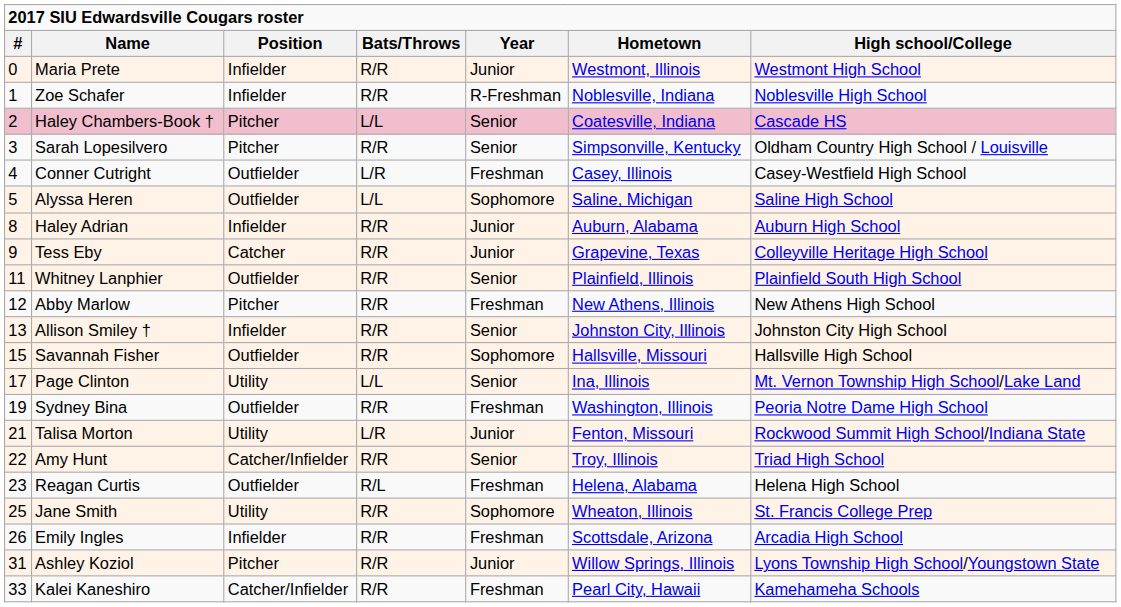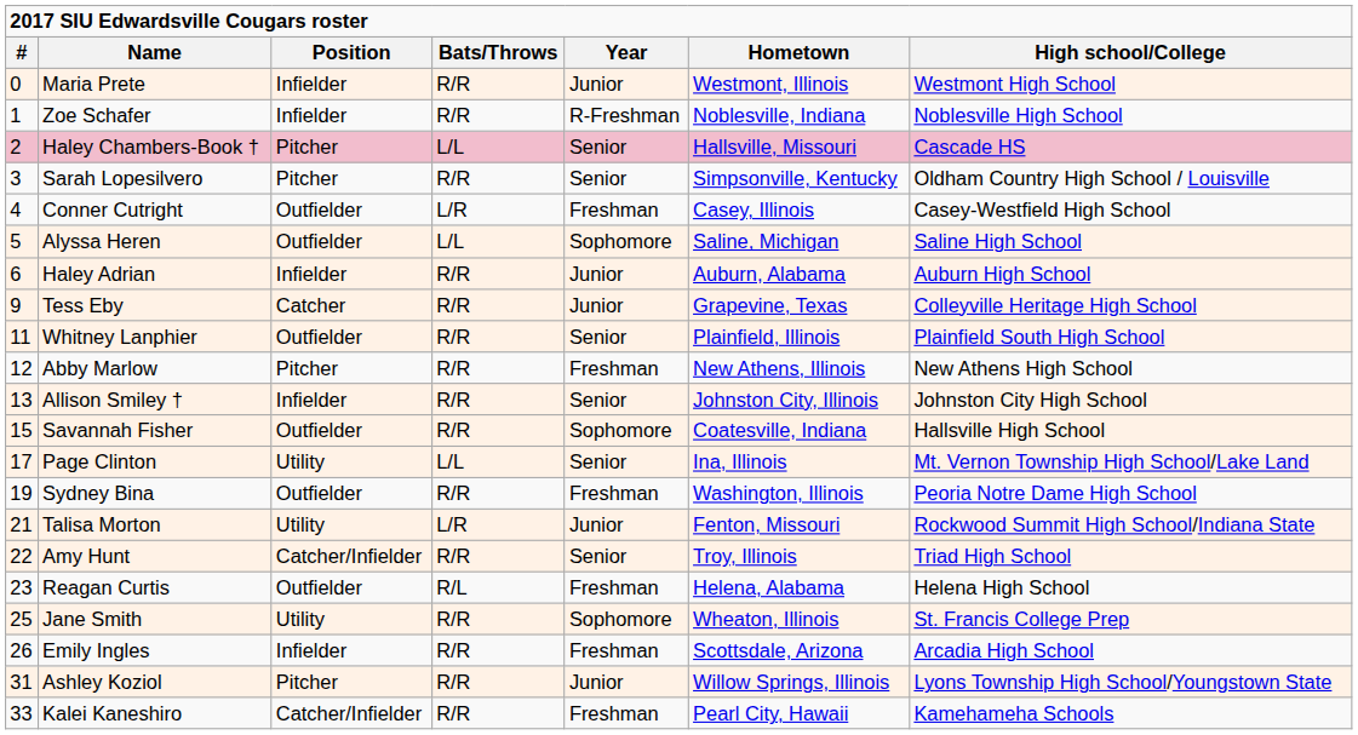 <table class="wikitable sortable" style="font-size: 95%;width:65%">
 <tr>
 <td colspan="7"><strong>2017 SIU Edwardsville Cougars roster</strong></td>
 </tr>
 <tr>
 <th>#</th>
 <th>Name</th>
 <th>Position</th>
 <th>Bats/Throws</th>
 <th>Year</th>
 <th>Hometown</th>
 <th>High school/College</th>
 </tr>
 <tr bgcolor=#FFF2E6>
 <td>0</td>
 <td>Maria Prete</td>
 <td>Infielder</td>
 <td>R/R</td>
 <td>Junior</td>
 <td><a href='#'>Westmont, Illinois</a></td>
 <td><a href='#'>Westmont High School</a></td>
 </tr>
 <tr>
 <td>1</td>
 <td>Zoe Schafer</td>
 <td>Infielder</td>
 <td>R/R</td>
 <td>R-Freshman</td>
 <td><a href='#'>Noblesville, Indiana</a></td>
 <td><a href='#'>Noblesville High School</a></td>
 </tr>
 <tr bgcolor=#F2BDCD>
 <td>2</td>
 <td>Haley Chambers-Book †</td>
 <td>Pitcher</td>
 <td>L/L</td>
 <td>Senior</td>
-<td><a href='#'>Coatesville, Indiana</a></td>
+<td><a href='#'>Hallsville, Missouri</a></td>
 <td><a href='#'>Cascade HS</a></td>
 </tr>
 <tr>
 <td>3</td>
 <td>Sarah Lopesilvero</td>
 <td>Pitcher</td>
 <td>R/R</td>
 <td>Senior</td>
 <td><a href='#'>Simpsonville, Kentucky</a></td>
 <td>Oldham Country High School / <a href='#'>Louisville</a></td>
 </tr>
 <tr>
 <td>4</td>
 <td>Conner Cutright</td>
 <td>Outfielder</td>
 <td>L/R</td>
 <td>Freshman</td>
 <td><a href='#'>Casey, Illinois</a></td>
 <td>Casey-Westfield High School</td>
 </tr>
 <tr bgcolor=#FFF2E6>
 <td>5</td>
 <td>Alyssa Heren</td>
 <td>Outfielder</td>
 <td>L/L</td>
 <td>Sophomore</td>
 <td><a href='#'>Saline, Michigan</a></td>
 <td><a href='#'>Saline High School</a></td>
 </tr>
 <tr bgcolor=#FFF2E6>
-<td>8</td>
+<td>6</td>
 <td>Haley Adrian</td>
 <td>Infielder</td>
 <td>R/R</td>
 <td>Junior</td>
 <td><a href='#'>Auburn, Alabama</a></td>
 <td><a href='#'>Auburn High School</a></td>
 </tr>
 <tr bgcolor=#FFF2E6>
 <td>9</td>
 <td>Tess Eby</td>
 <td>Catcher</td>
 <td>R/R</td>
 <td>Junior</td>
 <td><a href='#'>Grapevine, Texas</a></td>
 <td><a href='#'>Colleyville Heritage High School</a></td>
 </tr>
 <tr bgcolor=#FFF2E6>
 <td>11</td>
 <td>Whitney Lanphier</td>
 <td>Outfielder</td>
 <td>R/R</td>
 <td>Senior</td>
 <td><a href='#'>Plainfield, Illinois</a></td>
 <td><a href='#'>Plainfield South High School</a></td>
 </tr>
 <tr>
 <td>12</td>
 <td>Abby Marlow</td>
 <td>Pitcher</td>
 <td>R/R</td>
 <td>Freshman</td>
 <td><a href='#'>New Athens, Illinois</a></td>
 <td>New Athens High School</td>
 </tr>
 <tr bgcolor=#FFF2E6>
 <td>13</td>
 <td>Allison Smiley	†</td>
 <td>Infielder</td>
 <td>R/R</td>
 <td>Senior</td>
 <td><a href='#'>Johnston City, Illinois</a></td>
 <td>Johnston City High School</td>
 </tr>
 <tr bgcolor=#FFF2E6>
 <td>15</td>
 <td>Savannah Fisher</td>
 <td>Outfielder</td>
 <td>R/R</td>
 <td>Sophomore</td>
-<td><a href='#'>Hallsville, Missouri</a></td>
+<td><a href='#'>Coatesville, Indiana</a></td>
 <td>Hallsville High School</td>
 </tr>
 <tr bgcolor=#FFF2E6>
 <td>17</td>
 <td>Page Clinton</td>
 <td>Utility</td>
 <td>L/L</td>
 <td>Senior</td>
 <td><a href='#'>Ina, Illinois</a></td>
 <td><a href='#'>Mt. Vernon Township High School</a>/<a href='#'>Lake Land</a></td>
 </tr>
 <tr>
 <td>19</td>
 <td>Sydney Bina</td>
 <td>Outfielder</td>
 <td>R/R</td>
 <td>Freshman</td>
 <td><a href='#'>Washington, Illinois</a></td>
 <td><a href='#'>Peoria Notre Dame High School</a></td>
 </tr>
 <tr bgcolor=#FFF2E6>
 <td>21</td>
 <td>Talisa Morton</td>
 <td>Utility</td>
 <td>L/R</td>
 <td>Junior</td>
 <td><a href='#'>Fenton, Missouri</a></td>
 <td><a href='#'>Rockwood Summit High School</a>/<a href='#'>Indiana State</a></td>
 </tr>
 <tr bgcolor=#FFF2E6>
 <td>22</td>
 <td>Amy Hunt</td>
 <td>Catcher/Infielder</td>
 <td>R/R</td>
 <td>Senior</td>
 <td><a href='#'>Troy, Illinois</a></td>
 <td><a href='#'>Triad High School</a></td>
 </tr>
 <tr>
 <td>23</td>
 <td>Reagan Curtis</td>
 <td>Outfielder</td>
 <td>R/L</td>
 <td>Freshman</td>
 <td><a href='#'>Helena, Alabama</a></td>
 <td>Helena High School</td>
 </tr>
 <tr bgcolor=#FFF2E6>
 <td>25</td>
 <td>Jane Smith</td>
 <td>Utility</td>
 <td>R/R</td>
 <td>Sophomore</td>
 <td><a href='#'>Wheaton, Illinois</a></td>
 <td><a href='#'>St. Francis College Prep</a></td>
 </tr>
 <tr>
 <td>26</td>
 <td>Emily Ingles</td>
 <td>Infielder</td>
 <td>R/R</td>
 <td>Freshman</td>
 <td><a href='#'>Scottsdale, Arizona</a></td>
 <td><a href='#'>Arcadia High School</a></td>
 </tr>
 <tr bgcolor=#FFF2E6>
 <td>31</td>
 <td>Ashley Koziol</td>
 <td>Pitcher</td>
 <td>R/R</td>
 <td>Junior</td>
 <td><a href='#'>Willow Springs, Illinois</a></td>
 <td><a href='#'>Lyons Township High School</a>/<a href='#'>Youngstown State</a></td>
 </tr>
 <tr>
 <td>33</td>
 <td>Kalei Kaneshiro</td>
 <td>Catcher/Infielder</td>
 <td>R/R</td>
 <td>Freshman</td>
 <td><a href='#'>Pearl City, Hawaii</a></td>
 <td><a href='#'>Kamehameha Schools</a></td>
 </tr>
 </table>
